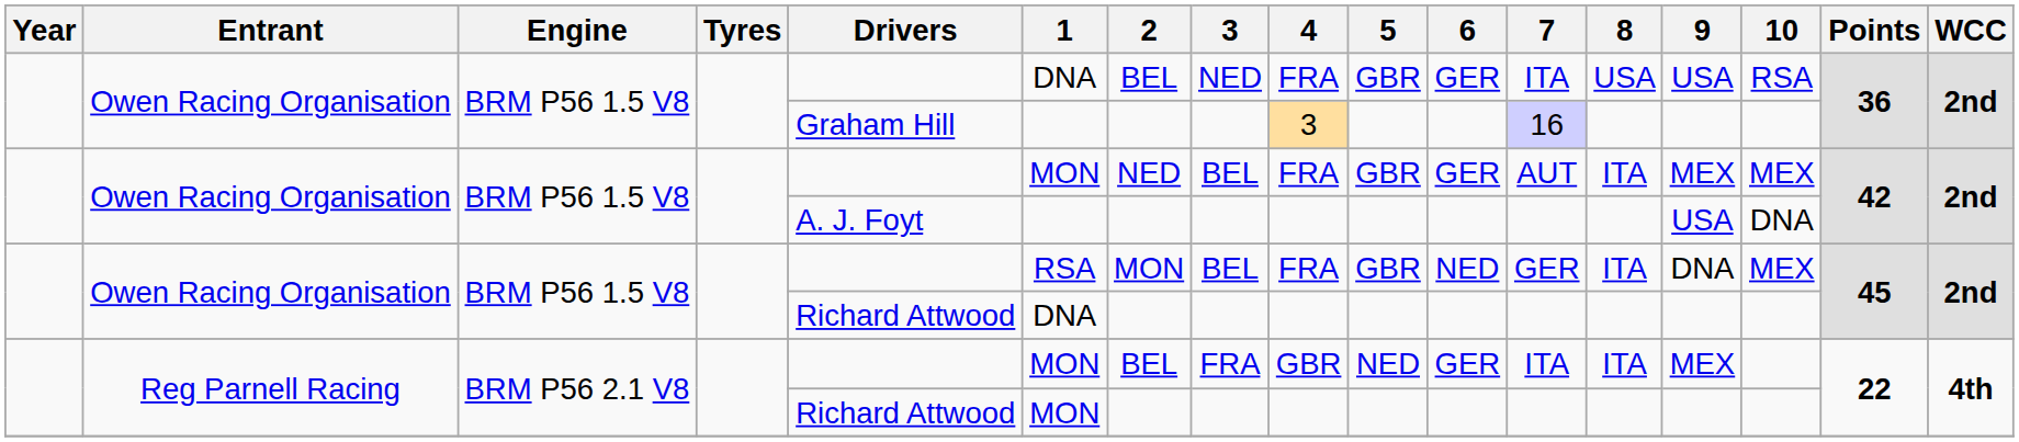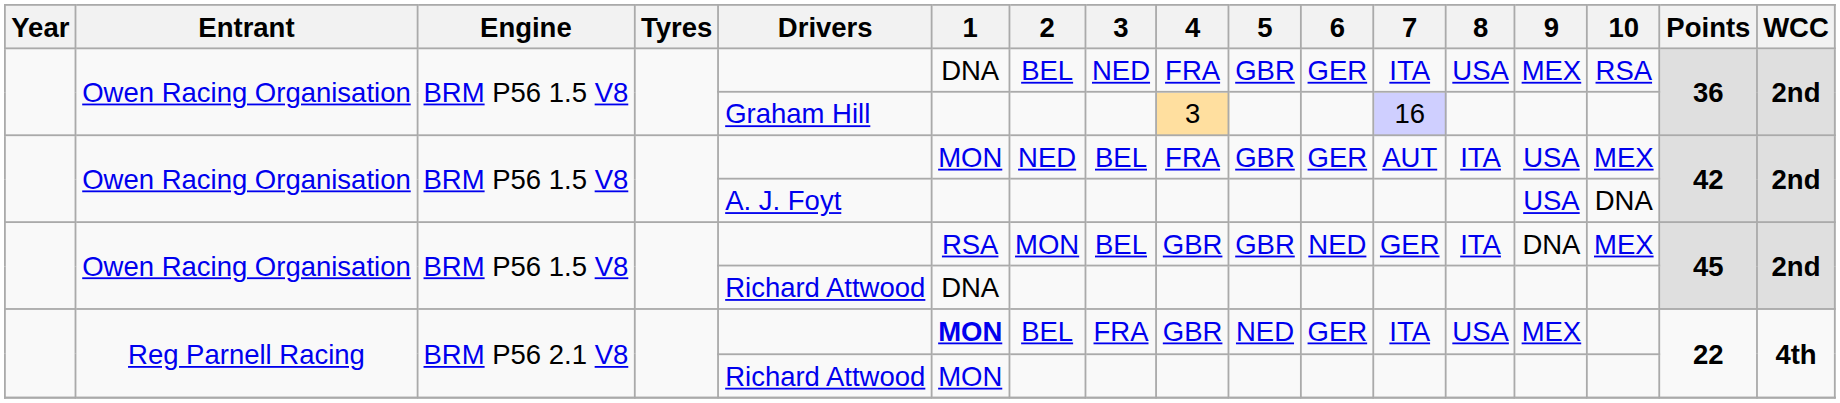 <table class="wikitable" style="text-align:center; font-size:95%">
 <tr>
 <th>Year</th>
 <th>Entrant</th>
 <th>Engine</th>
 <th>Tyres</th>
 <th>Drivers</th>
 <th>1</th>
 <th>2</th>
 <th>3</th>
 <th>4</th>
 <th>5</th>
 <th>6</th>
 <th>7</th>
 <th>8</th>
 <th>9</th>
 <th>10</th>
 <th>Points</th>
 <th>WCC</th>
 </tr>
 <tr>
 <td rowspan="2"></td>
 <td rowspan="2"><a href='#'>Owen Racing Organisation</a></td>
 <td rowspan="2"><a href='#'>BRM</a> P56 1.5 <a href='#'>V8</a></td>
 <td rowspan="2"></td>
 <td></td>
 <td>DNA</td>
 <td><a href='#'>BEL</a></td>
 <td><a href='#'>NED</a></td>
 <td><a href='#'>FRA</a></td>
 <td><a href='#'>GBR</a></td>
 <td><a href='#'>GER</a></td>
 <td><a href='#'>ITA</a></td>
 <td><a href='#'>USA</a></td>
-<td><a href='#'>USA</a></td>
+<td><a href='#'>MEX</a></td>
 <td><a href='#'>RSA</a></td>
 <td rowspan="2" style="background:#DFDFDF;"><strong>36</strong></td>
 <td rowspan="2" style="background:#DFDFDF;"><strong>2nd</strong></td>
 </tr>
 <tr>
 <td align="left"><a href='#'>Graham Hill</a></td>
 <td></td>
 <td></td>
 <td></td>
 <td style="background:#FFDF9F;">3</td>
 <td></td>
 <td></td>
 <td style="background:#CFCFFF;">16</td>
 <td></td>
 <td></td>
 <td></td>
 </tr>
 <tr>
 <td rowspan="2"></td>
 <td rowspan="2"><a href='#'>Owen Racing Organisation</a></td>
 <td rowspan="2"><a href='#'>BRM</a> P56 1.5 <a href='#'>V8</a></td>
 <td rowspan="2"></td>
 <td></td>
 <td><a href='#'>MON</a></td>
 <td><a href='#'>NED</a></td>
 <td><a href='#'>BEL</a></td>
 <td><a href='#'>FRA</a></td>
 <td><a href='#'>GBR</a></td>
 <td><a href='#'>GER</a></td>
 <td><a href='#'>AUT</a></td>
 <td><a href='#'>ITA</a></td>
-<td><a href='#'>MEX</a></td>
+<td><a href='#'>USA</a></td>
 <td><a href='#'>MEX</a></td>
 <td rowspan="2" style="background:#DFDFDF;"><strong>42</strong></td>
 <td rowspan="2" style="background:#DFDFDF;"><strong>2nd</strong></td>
 </tr>
 <tr>
 <td align="left"><a href='#'>A. J. Foyt</a></td>
 <td></td>
 <td></td>
 <td></td>
 <td></td>
 <td></td>
 <td></td>
 <td></td>
 <td></td>
 <td><a href='#'>USA</a></td>
 <td>DNA</td>
 </tr>
 <tr>
 <td rowspan="2"></td>
 <td rowspan="2"><a href='#'>Owen Racing Organisation</a></td>
 <td rowspan="2"><a href='#'>BRM</a> P56 1.5 <a href='#'>V8</a></td>
 <td rowspan="2"></td>
 <td></td>
 <td><a href='#'>RSA</a></td>
 <td><a href='#'>MON</a></td>
 <td><a href='#'>BEL</a></td>
-<td><a href='#'>FRA</a></td>
+<td><a href='#'>GBR</a></td>
 <td><a href='#'>GBR</a></td>
 <td><a href='#'>NED</a></td>
 <td><a href='#'>GER</a></td>
 <td><a href='#'>ITA</a></td>
 <td>DNA</td>
 <td><a href='#'>MEX</a></td>
 <td rowspan="2" style="background:#DFDFDF;"><strong>45</strong></td>
 <td rowspan="2" style="background:#DFDFDF;"><strong>2nd</strong></td>
 </tr>
 <tr>
 <td align="left"><a href='#'>Richard Attwood</a></td>
 <td>DNA</td>
 <td></td>
 <td></td>
 <td></td>
 <td></td>
 <td></td>
 <td></td>
 <td></td>
 <td></td>
 <td></td>
 </tr>
 <tr>
 <td rowspan="2"></td>
 <td rowspan="2"><a href='#'>Reg Parnell Racing</a></td>
 <td rowspan="2"><a href='#'>BRM</a> P56 2.1 <a href='#'>V8</a></td>
 <td rowspan="2"></td>
 <td></td>
-<td><a href='#'>MON</a></td>
+<td><strong><a href='#'>MON</a></strong></td>
 <td><a href='#'>BEL</a></td>
 <td><a href='#'>FRA</a></td>
 <td><a href='#'>GBR</a></td>
 <td><a href='#'>NED</a></td>
 <td><a href='#'>GER</a></td>
 <td><a href='#'>ITA</a></td>
-<td><a href='#'>ITA</a></td>
+<td><a href='#'>USA</a></td>
 <td><a href='#'>MEX</a></td>
 <td></td>
 <td rowspan="2"><strong>22</strong></td>
 <td rowspan="2"><strong>4th</strong></td>
 </tr>
 <tr>
 <td align="left"><a href='#'>Richard Attwood</a></td>
 <td><a href='#'>MON</a></td>
 <td></td>
 <td></td>
 <td></td>
 <td></td>
 <td></td>
 <td></td>
 <td></td>
 <td></td>
 <td></td>
 </tr>
 <tr>
 </tr>
 </table>
